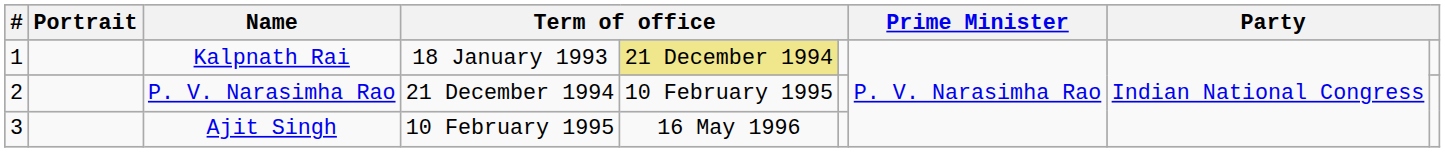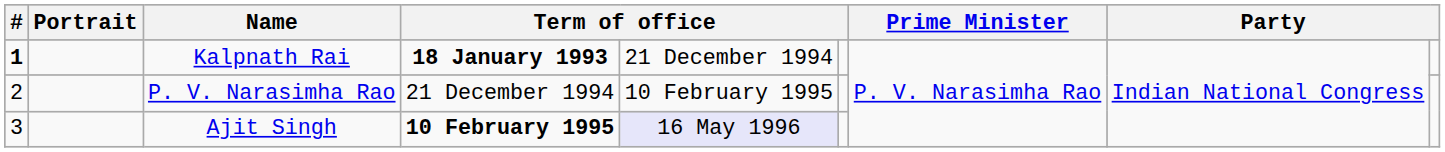 <table class="wikitable" style="text-align:center">
 <tr>
 <th>#</th>
 <th>Portrait</th>
 <th>Name</th>
 <th colspan="3">Term of office</th>
 <th><a href='#'>Prime Minister</a></th>
 <th colspan="2">Party</th>
 </tr>
 <tr>
-<td>1</td>
+<td><strong>1</strong></td>
 <td></td>
 <td><a href='#'>Kalpnath Rai</a></td>
-<td>18 January 1993</td>
-<td style="background: khaki;">21 December 1994</td>
+<td><strong>18 January 1993</strong></td>
+<td>21 December 1994</td>
 <td></td>
 <td rowspan="3"><a href='#'>P. V. Narasimha Rao</a></td>
 <td rowspan="3"><a href='#'>Indian National Congress</a></td>
 <td></td>
 </tr>
 <tr>
 <td>2</td>
 <td></td>
 <td><a href='#'>P. V. Narasimha Rao</a></td>
 <td>21 December 1994</td>
 <td>10 February 1995</td>
 <td></td>
 </tr>
 <tr>
 <td>3</td>
 <td></td>
 <td><a href='#'>Ajit Singh</a></td>
-<td>10 February 1995</td>
-<td>16 May 1996</td>
+<td><strong>10 February 1995</strong></td>
+<td style="background: lavender;">16 May 1996</td>
 <td></td>
 </tr>
 </table>
